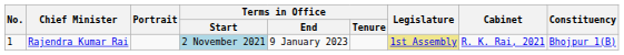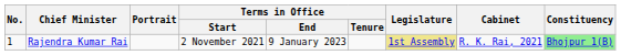 <table class="wikitable">
 <tr>
 <th rowspan="2" style="background-color:">No.</th>
 <th rowspan="2" style="background-color:">Chief Minister</th>
 <th rowspan="2" style="background-color:">Portrait</th>
 <th colspan="3" style="background-color:">Terms in Office</th>
 <th rowspan="2" style="background-color:">Legislature</th>
 <th rowspan="2" style="background-color:">Cabinet</th>
 <th rowspan="2" style="background-color:">Constituency</th>
 </tr>
 <tr>
 <th style="background-color:">Start</th>
 <th style="background-color:">End</th>
 <th style="background-color:">Tenure</th>
 </tr>
 <tr>
 <td>1</td>
 <td><a href='#'>Rajendra Kumar Rai</a></td>
 <td></td>
-<td style="background: lightblue;">2 November 2021</td>
+<td>2 November 2021</td>
 <td>9 January 2023</td>
 <td></td>
 <td style="background: khaki;"><a href='#'>1st Assembly</a></td>
 <td><a href='#'>R. K. Rai, 2021</a></td>
-<td><a href='#'>Bhojpur 1(B)</a></td>
+<td style="background: lightgreen;"><a href='#'>Bhojpur 1(B)</a></td>
 </tr>
 </table>
